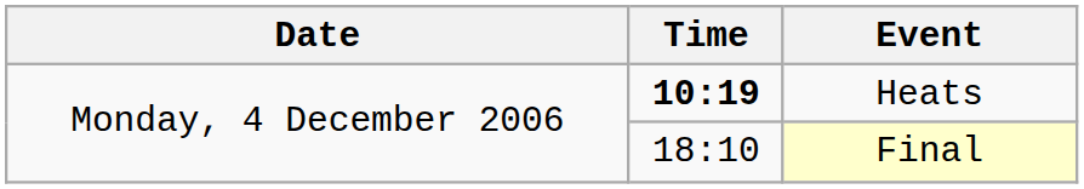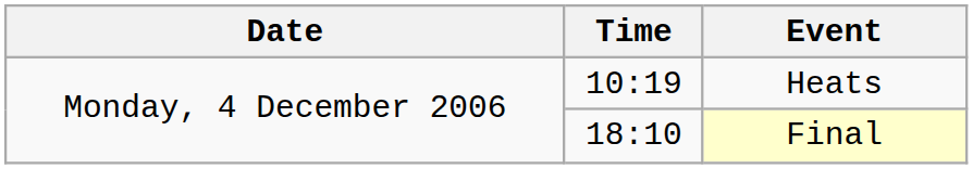 <table class = "wikitable" style="text-align:center;">
 <tr>
 <th width=220>Date</th>
 <th width=50>Time</th>
 <th width=100>Event</th>
 </tr>
 <tr>
 <td rowspan=2>Monday, 4 December 2006</td>
-<td><strong>10:19</strong></td>
+<td>10:19</td>
 <td>Heats</td>
 </tr>
 <tr>
 <td>18:10</td>
 <td bgcolor=ffffcc>Final</td>
 </tr>
 </table>
